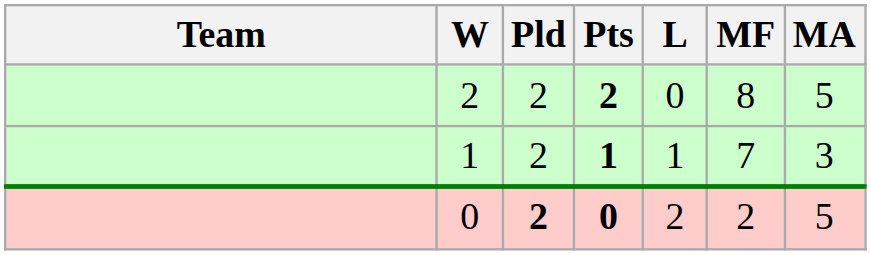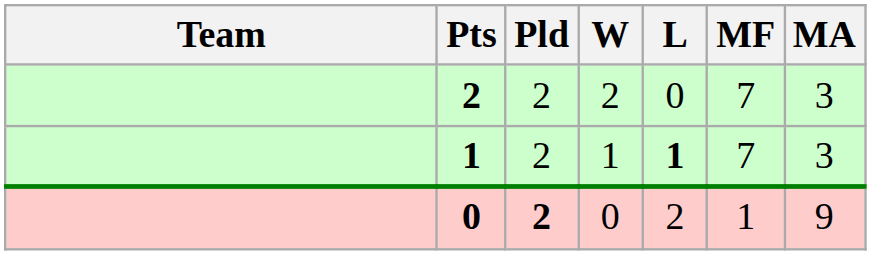 <table class=wikitable style="text-align:center">
 <tr>
 <th width=175>Team</th>
+<th width=20>Pts</th>
+<th width=20>Pld</th>
 <th width=20>W</th>
-<th width=20>Pld</th>
-<th width=20>Pts</th>
 <th width=20>L</th>
 <th width=20>MF</th>
 <th width=20>MA</th>
 </tr>
 <tr bgcolor=ccffcc>
 <td style="text-align:left"></td>
+<td><strong>2</strong></td>
 <td>2</td>
 <td>2</td>
-<td><strong>2</strong></td>
 <td>0</td>
-<td>8</td>
-<td>5</td>
+<td>7</td>
+<td>3</td>
 </tr>
 <tr bgcolor=ccffcc style="border-bottom:2px solid green;">
 <td style="text-align:left"></td>
+<td><strong>1</strong></td>
+<td>2</td>
 <td>1</td>
-<td>2</td>
 <td><strong>1</strong></td>
-<td>1</td>
 <td>7</td>
 <td>3</td>
 </tr>
 <tr bgcolor=ffcccc>
 <td style="text-align:left"></td>
+<td><strong>0</strong></td>
+<td><strong>2</strong></td>
 <td>0</td>
-<td><strong>2</strong></td>
-<td><strong>0</strong></td>
 <td>2</td>
-<td>2</td>
-<td>5</td>
+<td>1</td>
+<td>9</td>
 </tr>
 </table>
